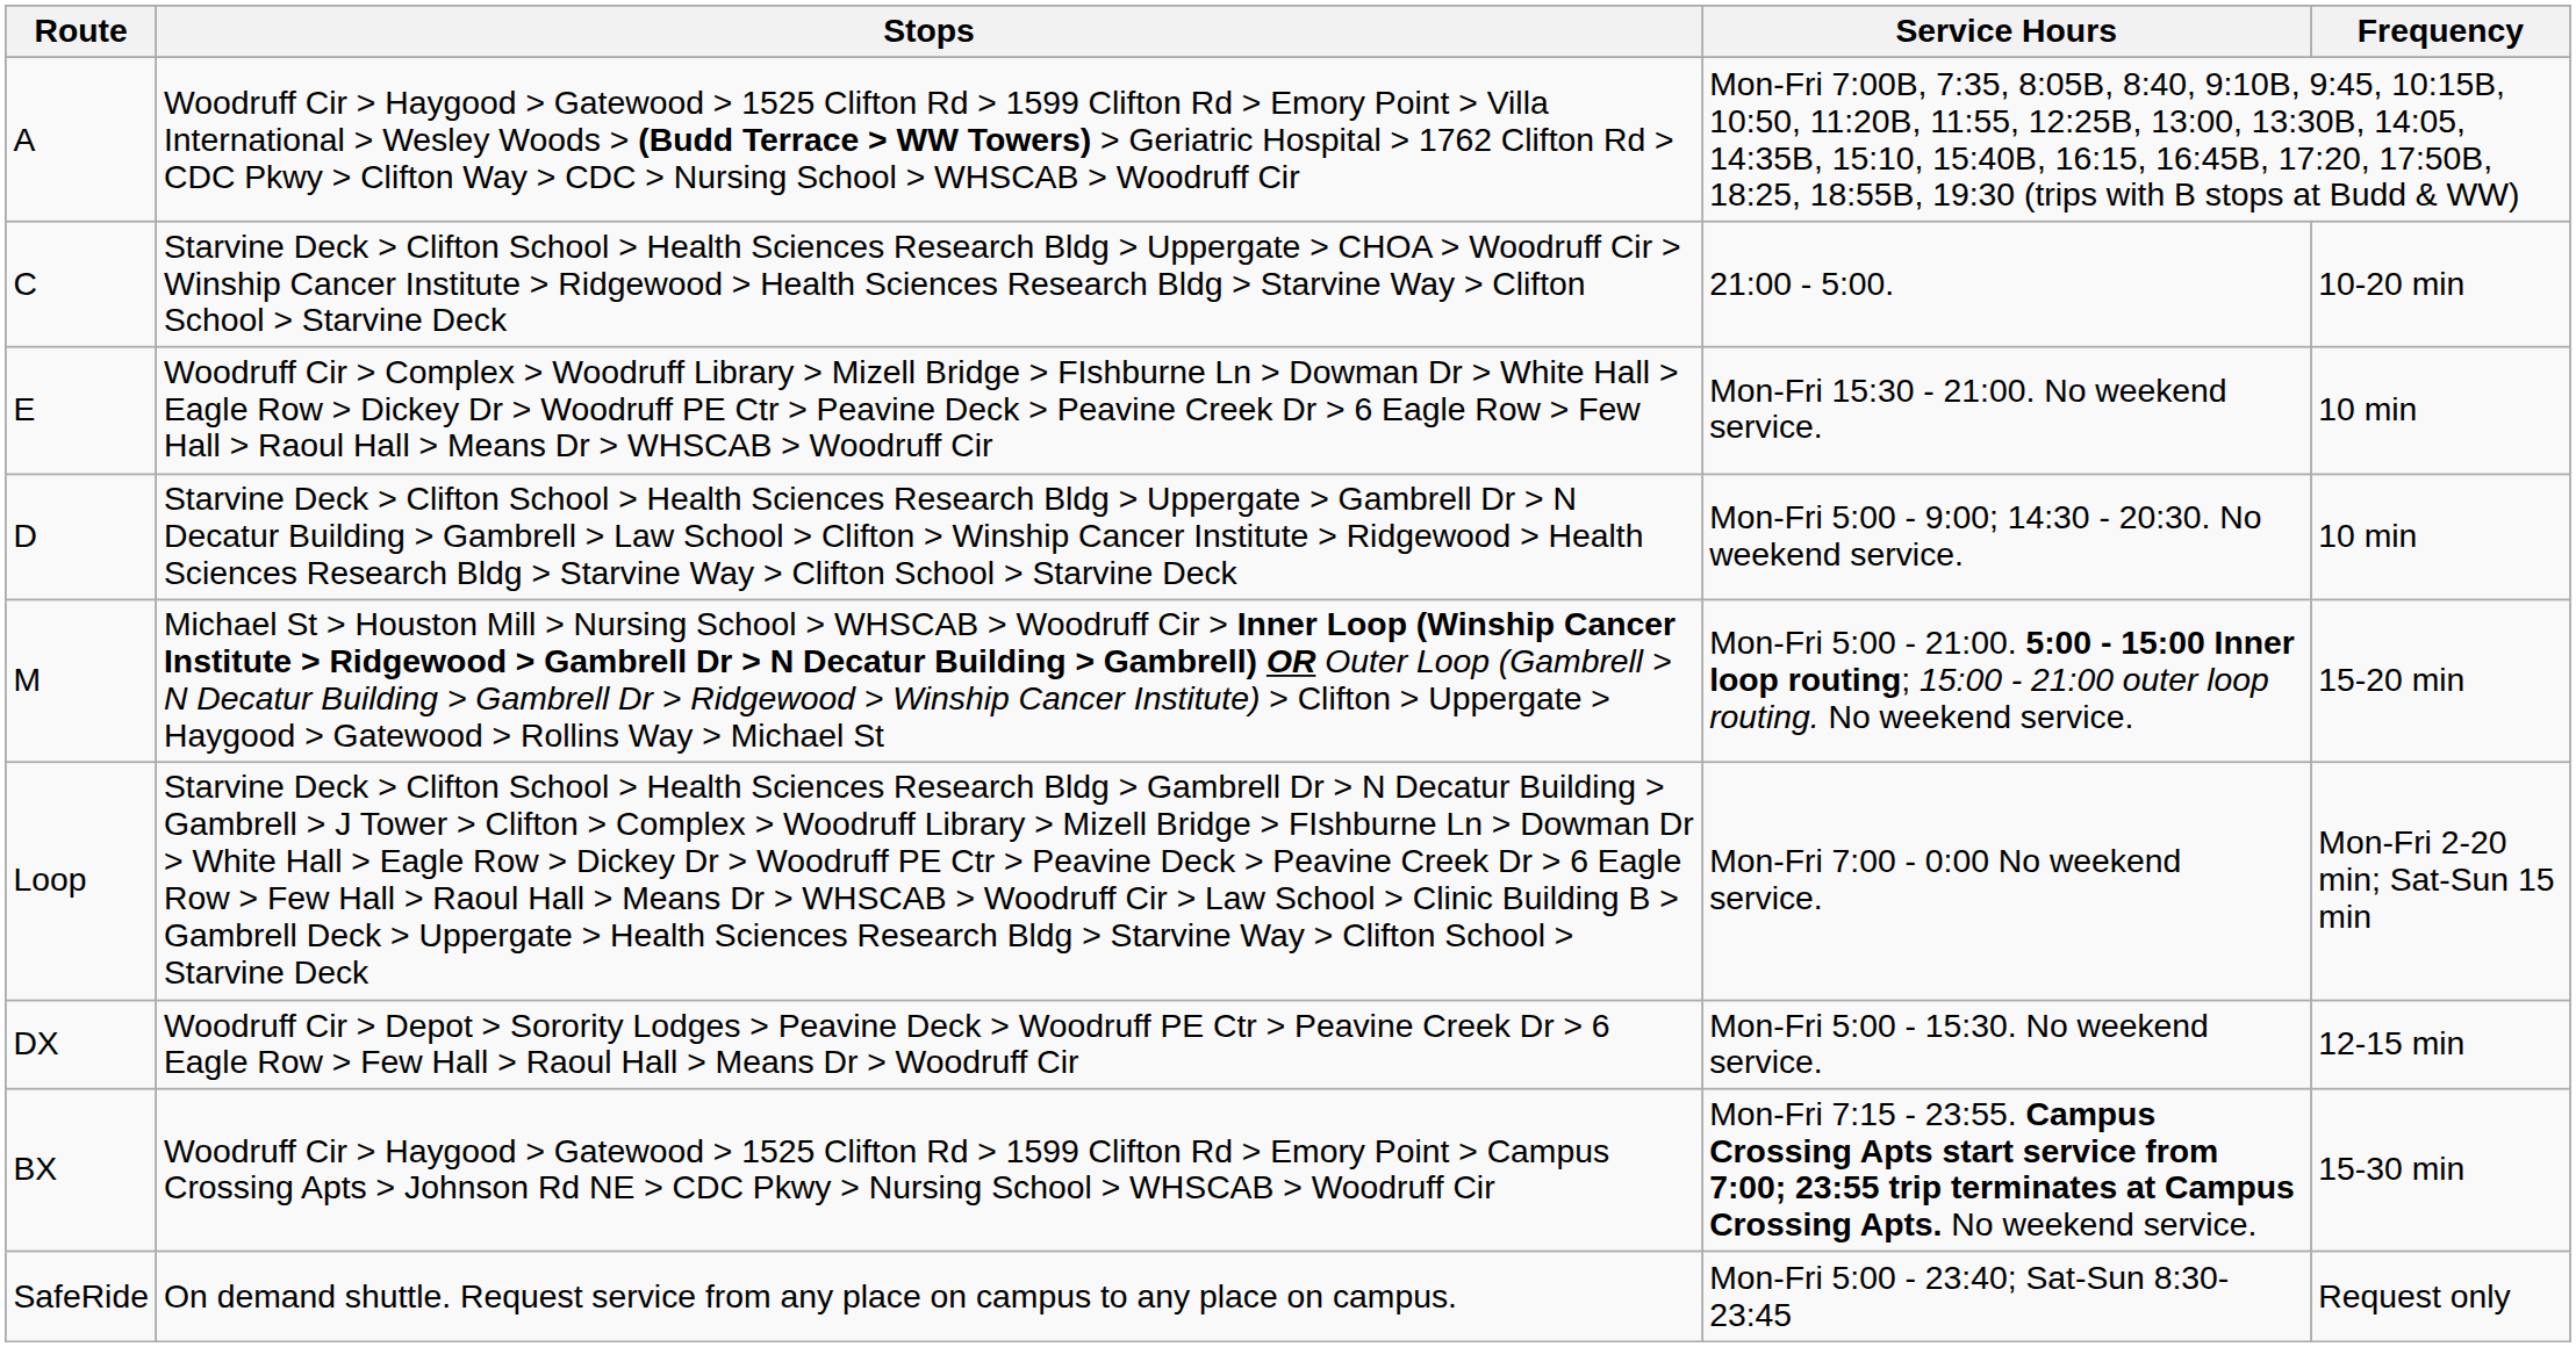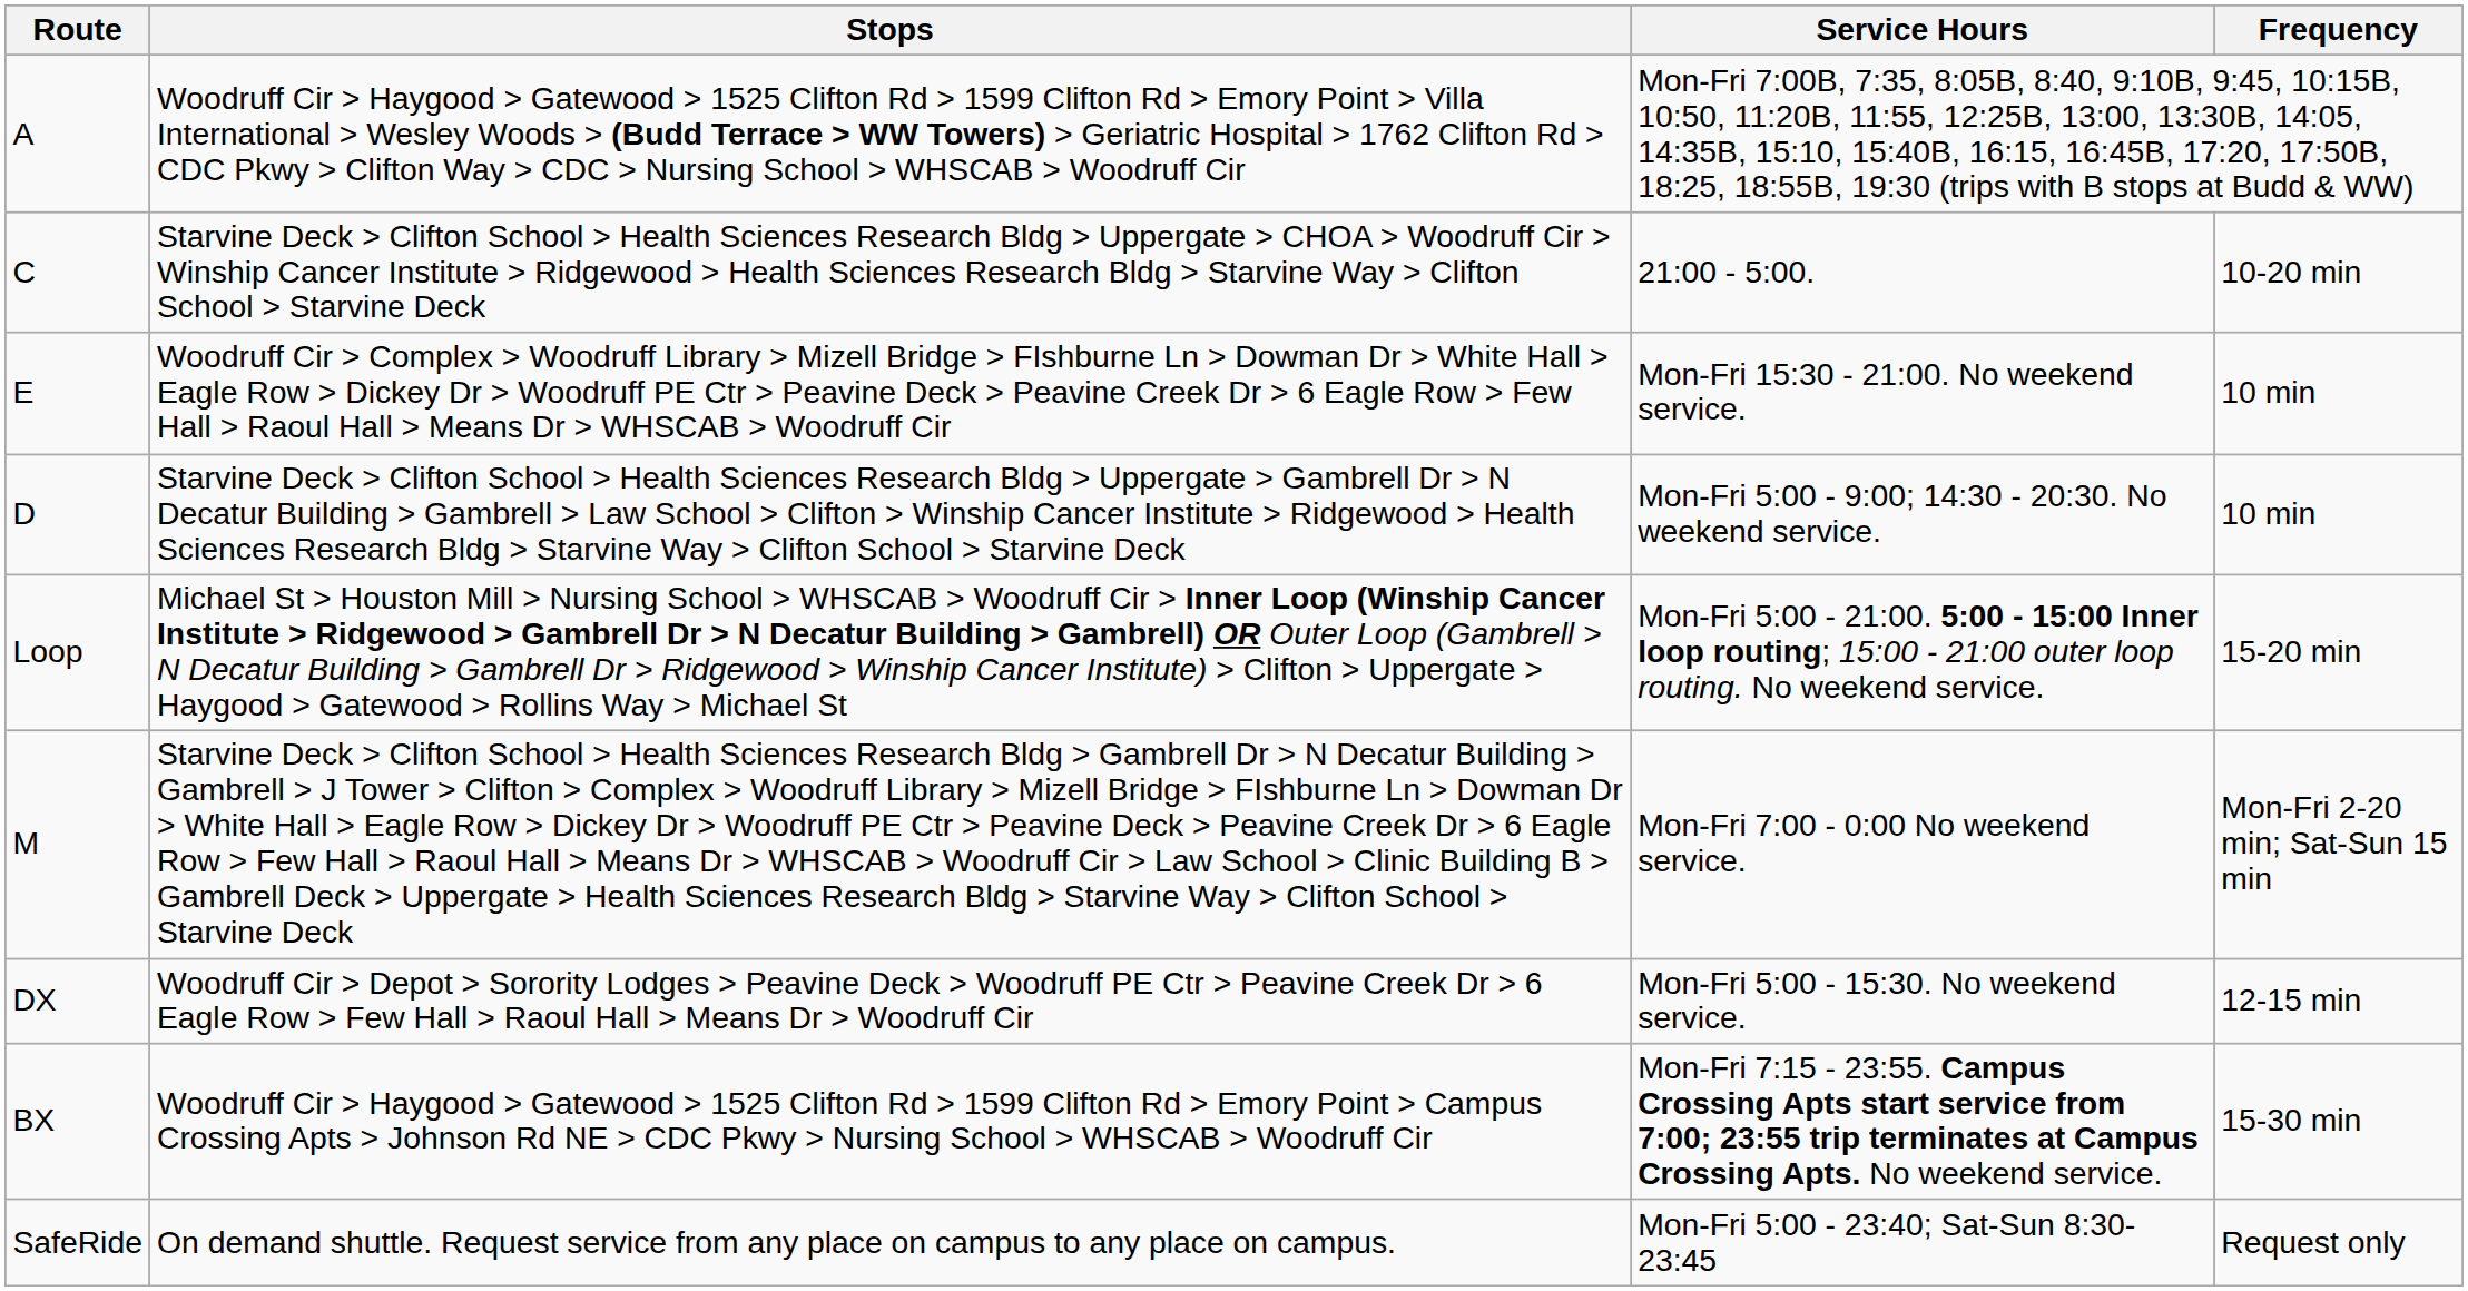 <table class="wikitable">
 <tr>
 <th>Route</th>
 <th>Stops</th>
 <th>Service Hours</th>
 <th>Frequency</th>
 </tr>
 <tr>
 <td>A</td>
 <td>Woodruff Cir > Haygood > Gatewood > 1525 Clifton Rd > 1599 Clifton Rd > Emory Point > Villa International > Wesley Woods > <strong>(Budd Terrace > WW Towers)</strong> > Geriatric Hospital > 1762 Clifton Rd > CDC Pkwy > Clifton Way > CDC > Nursing School > WHSCAB > Woodruff Cir</td>
 <td colspan="2">Mon-Fri 7:00B, 7:35, 8:05B, 8:40, 9:10B, 9:45, 10:15B, 10:50, 11:20B, 11:55, 12:25B, 13:00, 13:30B, 14:05, 14:35B, 15:10, 15:40B, 16:15, 16:45B, 17:20, 17:50B, 18:25, 18:55B, 19:30 (trips with B stops at Budd & WW)</td>
 </tr>
 <tr>
 <td>C</td>
 <td>Starvine Deck > Clifton School > Health Sciences Research Bldg > Uppergate > CHOA > Woodruff Cir > Winship Cancer Institute > Ridgewood > Health Sciences Research Bldg > Starvine Way > Clifton School > Starvine Deck</td>
 <td>21:00 - 5:00.</td>
 <td>10-20 min</td>
 </tr>
 <tr>
 <td>E</td>
 <td>Woodruff Cir > Complex > Woodruff Library > Mizell Bridge > FIshburne Ln > Dowman Dr > White Hall > Eagle Row > Dickey Dr > Woodruff PE Ctr > Peavine Deck > Peavine Creek Dr > 6 Eagle Row > Few Hall > Raoul Hall > Means Dr > WHSCAB > Woodruff Cir</td>
 <td>Mon-Fri 15:30 - 21:00. No weekend service.</td>
 <td>10 min</td>
 </tr>
 <tr>
 <td>D</td>
 <td>Starvine Deck > Clifton School > Health Sciences Research Bldg > Uppergate > Gambrell Dr > N Decatur Building > Gambrell > Law School > Clifton > Winship Cancer Institute > Ridgewood > Health Sciences Research Bldg > Starvine Way > Clifton School > Starvine Deck</td>
 <td>Mon-Fri 5:00 - 9:00; 14:30 - 20:30. No weekend service.</td>
 <td>10 min</td>
 </tr>
 <tr>
-<td>M</td>
+<td>Loop</td>
 <td>Michael St > Houston Mill > Nursing School > WHSCAB > Woodruff Cir > <strong>Inner Loop</strong> <strong>(Winship Cancer Institute > Ridgewood > Gambrell Dr > N Decatur Building > Gambrell)</strong> <strong><u><em>OR</em></u></strong> <em>Outer Loop</em> <em>(Gambrell > N Decatur Building > Gambrell Dr > Ridgewood > Winship Cancer Institute)</em> > Clifton > Uppergate > Haygood > Gatewood > Rollins Way > Michael St</td>
 <td>Mon-Fri 5:00 - 21:00. <strong>5:00 - 15:00 Inner loop routing</strong>; <em>15:00 - 21:00 outer loop routing.</em> No weekend service.</td>
 <td>15-20 min</td>
 </tr>
 <tr>
-<td>Loop</td>
+<td>M</td>
 <td>Starvine Deck > Clifton School > Health Sciences Research Bldg > Gambrell Dr > N Decatur Building > Gambrell > J Tower > Clifton > Complex > Woodruff Library > Mizell Bridge > FIshburne Ln > Dowman Dr > White Hall > Eagle Row > Dickey Dr > Woodruff PE Ctr > Peavine Deck > Peavine Creek Dr > 6 Eagle Row > Few Hall > Raoul Hall > Means Dr > WHSCAB > Woodruff Cir > Law School > Clinic Building B > Gambrell Deck > Uppergate > Health Sciences Research Bldg > Starvine Way > Clifton School > Starvine Deck</td>
 <td>Mon-Fri 7:00 - 0:00 No weekend service.</td>
 <td>Mon-Fri 2-20 min; Sat-Sun 15 min</td>
 </tr>
 <tr>
 <td>DX</td>
 <td>Woodruff Cir > Depot > Sorority Lodges > Peavine Deck > Woodruff PE Ctr > Peavine Creek Dr > 6 Eagle Row > Few Hall > Raoul Hall > Means Dr > Woodruff Cir</td>
 <td>Mon-Fri 5:00 - 15:30. No weekend service.</td>
 <td>12-15 min</td>
 </tr>
 <tr>
 <td>BX</td>
 <td>Woodruff Cir > Haygood > Gatewood > 1525 Clifton Rd > 1599 Clifton Rd > Emory Point > Campus Crossing Apts > Johnson Rd NE > CDC Pkwy > Nursing School > WHSCAB > Woodruff Cir</td>
 <td>Mon-Fri 7:15 - 23:55. <strong>Campus Crossing Apts start service from 7:00; 23:55 trip terminates at Campus Crossing Apts.</strong> No weekend service.</td>
 <td>15-30 min</td>
 </tr>
 <tr>
 <td>SafeRide</td>
 <td>On demand shuttle. Request service from any place on campus to any place on campus.</td>
 <td>Mon-Fri 5:00 - 23:40; Sat-Sun 8:30-23:45</td>
 <td>Request only</td>
 </tr>
 </table>
